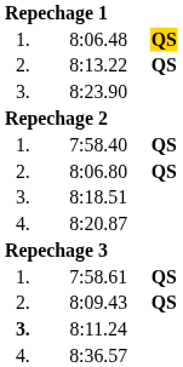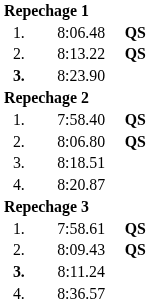 <table style="text-align:center">
 <tr>
 <td colspan=4 align=left><strong>Repechage 1</strong></td>
 </tr>
 <tr>
 <td width=30>1.</td>
 <td align=left></td>
 <td width=80>8:06.48</td>
-<td style="background: gold;"><strong>QS</strong></td>
+<td><strong>QS</strong></td>
 </tr>
 <tr>
 <td>2.</td>
 <td align=left></td>
 <td>8:13.22</td>
 <td><strong>QS</strong></td>
 </tr>
 <tr>
-<td>3.</td>
+<td><strong>3.</strong></td>
 <td align=left></td>
 <td>8:23.90</td>
 <td></td>
 </tr>
 <tr>
 <td colspan=4 align=left><strong>Repechage 2</strong></td>
 </tr>
 <tr>
 <td>1.</td>
 <td align=left></td>
 <td>7:58.40</td>
 <td><strong>QS</strong></td>
 </tr>
 <tr>
 <td>2.</td>
 <td align=left></td>
 <td>8:06.80</td>
 <td><strong>QS</strong></td>
 </tr>
 <tr>
 <td>3.</td>
 <td align=left></td>
 <td>8:18.51</td>
 <td></td>
 </tr>
 <tr>
 <td>4.</td>
 <td align=left></td>
 <td>8:20.87</td>
 <td></td>
 </tr>
 <tr>
 <td colspan=4 align=left><strong>Repechage 3</strong></td>
 </tr>
 <tr>
 <td>1.</td>
 <td align=left></td>
 <td>7:58.61</td>
 <td><strong>QS</strong></td>
 </tr>
 <tr>
 <td>2.</td>
 <td align=left></td>
 <td>8:09.43</td>
 <td><strong>QS</strong></td>
 </tr>
 <tr>
 <td><strong>3.</strong></td>
 <td align=left></td>
 <td>8:11.24</td>
 <td></td>
 </tr>
 <tr>
 <td>4.</td>
 <td align=left></td>
 <td>8:36.57</td>
 <td></td>
 </tr>
 </table>
